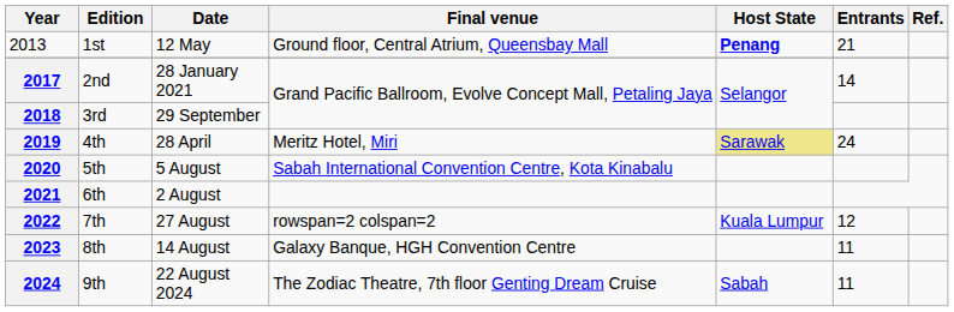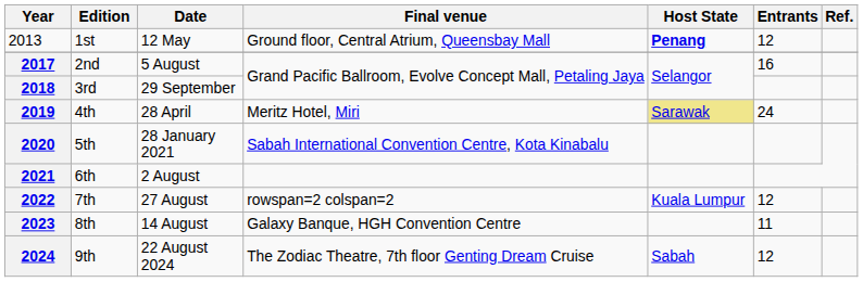 <table class="wikitable defaultcenter col3left col4left col5left" style="font-size: 95%">
 <tr>
 <th width="60">Year</th>
 <th width="60">Edition</th>
 <th width="100">Date</th>
 <th width="auto">Final venue</th>
 <th width="100">Host State</th>
 <th width="60">Entrants</th>
 <th>Ref.</th>
 </tr>
 <tr>
 <td>2013</td>
 <td>1st</td>
 <td>12 May</td>
 <td>Ground floor, Central Atrium, <a href='#'>Queensbay Mall</a></td>
 <td><strong><a href='#'>Penang</a></strong></td>
-<td>21</td>
+<td>12</td>
 <td></td>
 </tr>
 <tr>
 </tr>
 <tr>
 <th><a href='#'>2017</a></th>
 <td>2nd</td>
-<td>28 January 2021</td>
+<td>5 August</td>
 <td rowspan=2>Grand Pacific Ballroom, Evolve Concept Mall, <a href='#'>Petaling Jaya</a></td>
 <td rowspan=2><a href='#'>Selangor</a></td>
-<td>14</td>
+<td>16</td>
 <td></td>
 </tr>
 <tr>
 <th><a href='#'>2018</a></th>
 <td>3rd</td>
 <td>29 September</td>
 <td></td>
 <td></td>
 </tr>
 <tr>
 <th><a href='#'>2019</a></th>
 <td>4th</td>
 <td>28 April</td>
 <td>Meritz Hotel, <a href='#'>Miri</a></td>
 <td style="background: khaki;"><a href='#'>Sarawak</a></td>
 <td>24</td>
 <td></td>
 </tr>
 <tr>
 <th><a href='#'>2020</a></th>
 <td>5th</td>
-<td>5 August</td>
+<td>28 January 2021</td>
 <td><a href='#'>Sabah International Convention Centre</a>, <a href='#'>Kota Kinabalu</a></td>
 <td></td>
 <td></td>
 </tr>
 <tr>
 <th><a href='#'>2021</a></th>
 <td>6th</td>
 <td>2 August</td>
 <td></td>
 <td></td>
 </tr>
 <tr>
 <th><a href='#'>2022</a></th>
 <td>7th</td>
 <td>27 August</td>
 <td>rowspan=2 colspan=2 </td>
 <td><a href='#'>Kuala Lumpur</a></td>
 <td>12</td>
 <td></td>
 </tr>
 <tr>
 <th><a href='#'>2023</a></th>
 <td>8th</td>
 <td>14 August</td>
 <td>Galaxy Banque, HGH Convention Centre</td>
 <td></td>
 <td>11</td>
 <td></td>
 </tr>
 <tr>
 <th><a href='#'>2024</a></th>
 <td>9th</td>
 <td>22 August 2024</td>
 <td>The Zodiac Theatre, 7th floor <a href='#'>Genting Dream</a> Cruise</td>
 <td><a href='#'>Sabah</a></td>
-<td>11</td>
+<td>12</td>
 <td></td>
 </tr>
 </table>
